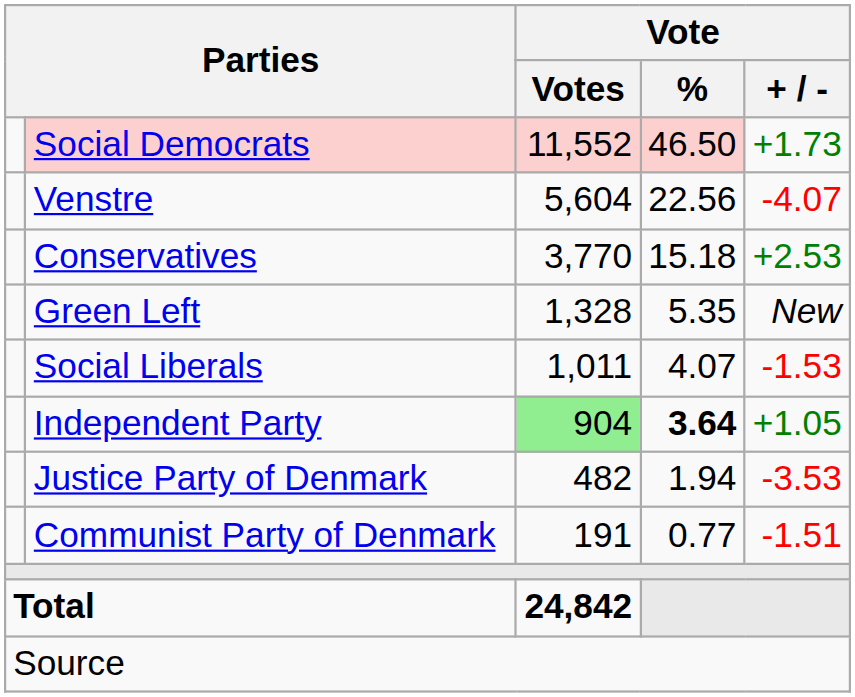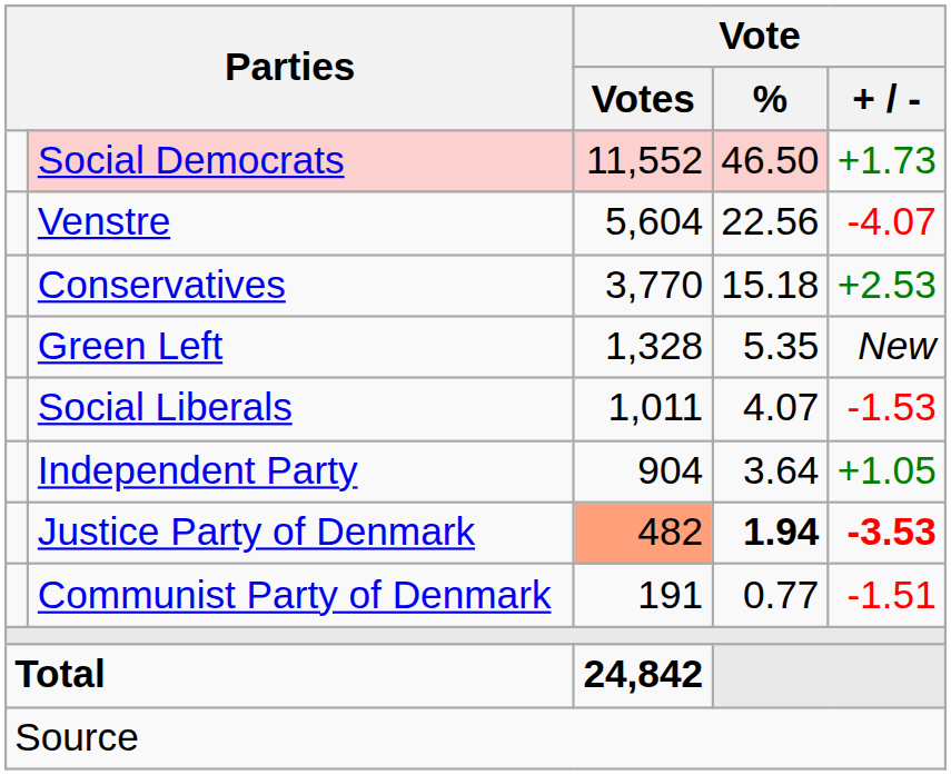 <table class="wikitable" style="text-align:right;">
 <tr>
 <th style="text-align:centre;" rowspan="2" colspan="2" width="225">Parties</th>
 <th colspan="3">Vote</th>
 </tr>
 <tr>
 <th width="15">Votes</th>
 <th width="15">%</th>
 <th width="15">+ / -</th>
 </tr>
 <tr>
 <td width="2" style="color:inherit;background:"></td>
 <td bgcolor=#fbd0ce  align="left"><a href='#'>Social Democrats</a></td>
 <td bgcolor=#fbd0ce>11,552</td>
 <td bgcolor=#fbd0ce>46.50</td>
 <td style=color:green;>+1.73</td>
 </tr>
 <tr>
 <td width="2" style="color:inherit;background:"></td>
 <td align="left"><a href='#'>Venstre</a></td>
 <td>5,604</td>
 <td>22.56</td>
 <td style=color:red;>-4.07</td>
 </tr>
 <tr>
 <td width="2" style="color:inherit;background:"></td>
 <td align="left"><a href='#'>Conservatives</a></td>
 <td>3,770</td>
 <td>15.18</td>
 <td style=color:green;>+2.53</td>
 </tr>
 <tr>
 <td width="2" style="color:inherit;background:"></td>
 <td align="left"><a href='#'>Green Left</a></td>
 <td>1,328</td>
 <td>5.35</td>
 <td><em>New</em></td>
 </tr>
 <tr>
 <td width="2" style="color:inherit;background:"></td>
 <td align="left"><a href='#'>Social Liberals</a></td>
 <td>1,011</td>
 <td>4.07</td>
 <td style=color:red;>-1.53</td>
 </tr>
 <tr>
 <td width="2" style="color:inherit;background:"></td>
 <td align="left"><a href='#'>Independent Party</a></td>
-<td style="background: lightgreen;">904</td>
-<td><strong>3.64</strong></td>
+<td>904</td>
+<td>3.64</td>
 <td style=color:green;>+1.05</td>
 </tr>
 <tr>
 <td width="2" style="color:inherit;background:"></td>
 <td align="left"><a href='#'>Justice Party of Denmark</a></td>
-<td>482</td>
-<td>1.94</td>
-<td style=color:red;>-3.53</td>
+<td style="background: lightsalmon;">482</td>
+<td><strong>1.94</strong></td>
+<td style=color:red;><strong>-3.53</strong></td>
 </tr>
 <tr>
 <td width="2" style="color:inherit;background:"></td>
 <td align="left"><a href='#'>Communist Party of Denmark</a></td>
 <td>191</td>
 <td>0.77</td>
 <td style=color:red;>-1.51</td>
 </tr>
 <tr>
 <td colspan="7" bgcolor="#E9E9E9"></td>
 </tr>
 <tr>
 <td align="left" colspan="2"><strong>Total</strong></td>
 <td><strong>24,842</strong></td>
 <td bgcolor="#E9E9E9" colspan="2"></td>
 </tr>
 <tr>
 <td align="left" colspan="6">Source</td>
 </tr>
 </table>
